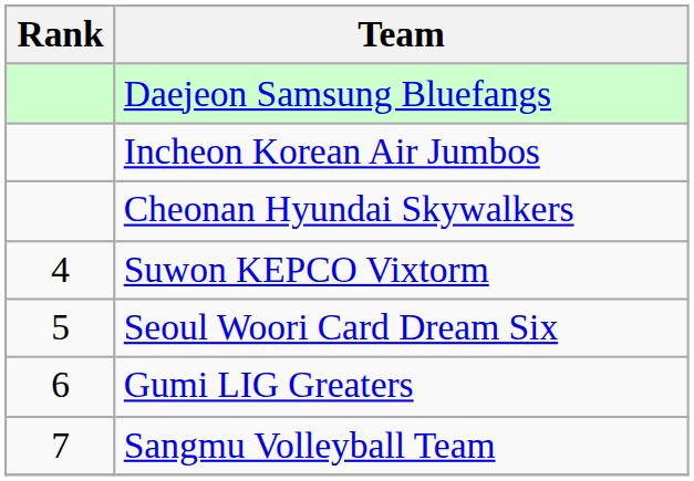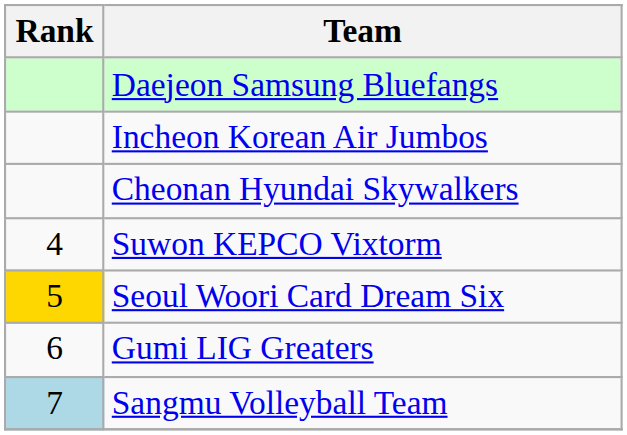 <table class="wikitable" style="text-align: center;">
 <tr>
 <th width=40>Rank</th>
 <th width=240>Team</th>
 </tr>
 <tr bgcolor=#ccffcc>
 <td></td>
 <td align=left><a href='#'>Daejeon Samsung Bluefangs</a></td>
 </tr>
 <tr>
 <td></td>
 <td align=left><a href='#'>Incheon Korean Air Jumbos</a></td>
 </tr>
 <tr>
 <td></td>
 <td align=left><a href='#'>Cheonan Hyundai Skywalkers</a></td>
 </tr>
 <tr>
 <td>4</td>
 <td align=left><a href='#'>Suwon KEPCO Vixtorm</a></td>
 </tr>
 <tr>
-<td>5</td>
+<td style="background: gold;">5</td>
 <td align=left><a href='#'>Seoul Woori Card Dream Six</a></td>
 </tr>
 <tr>
 <td>6</td>
 <td align=left><a href='#'>Gumi LIG Greaters</a></td>
 </tr>
 <tr>
-<td>7</td>
+<td style="background: lightblue;">7</td>
 <td align=left><a href='#'>Sangmu Volleyball Team</a></td>
 </tr>
 <tr>
 </tr>
 </table>
